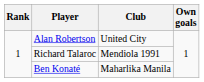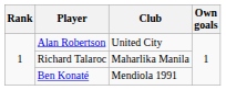 <table class="wikitable" style="text-align:center">
 <tr>
 <th>Rank</th>
 <th>Player</th>
 <th>Club</th>
 <th>Own<br>goals</th>
 </tr>
 <tr>
 <td rowspan="3">1</td>
 <td align="left"> <a href='#'>Alan Robertson</a></td>
 <td align="left">United City</td>
 <td rowspan="3">1</td>
 </tr>
 <tr>
 <td align="left"> Richard Talaroc</td>
-<td align="left">Mendiola 1991</td>
+<td align="left">Maharlika Manila</td>
 </tr>
 <tr>
 <td align="left"> <a href='#'>Ben Konaté</a></td>
-<td align="left">Maharlika Manila</td>
+<td align="left">Mendiola 1991</td>
 </tr>
 </table>
